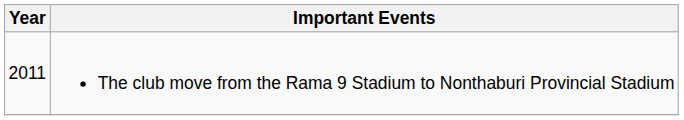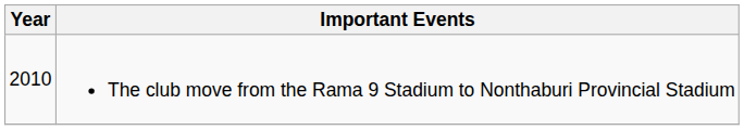 <table class="wikitable">
 <tr>
 <th>Year</th>
 <th>Important Events</th>
 </tr>
 <tr>
-<td>2011</td>
+<td>2010</td>
 <td><br><ul><li>The club move from the Rama 9 Stadium to Nonthaburi Provincial Stadium</li></ul></td>
 </tr>
 <tr>
 </tr>
 </table>
